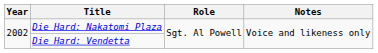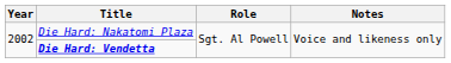 <table class="wikitable sortable">
 <tr>
 <th>Year</th>
 <th>Title</th>
 <th>Role</th>
 <th class="unsortable">Notes</th>
 </tr>
 <tr>
 <td rowspan=2>2002</td>
 <td><em><a href='#'>Die Hard: Nakatomi Plaza</a></em></td>
 <td rowspan=2>Sgt. Al Powell </td>
 <td rowspan=2>Voice and likeness only</td>
 </tr>
 <tr>
-<td><em><a href='#'>Die Hard: Vendetta</a></em></td>
+<td><strong><em><a href='#'>Die Hard: Vendetta</a></em></strong></td>
 </tr>
 </table>
